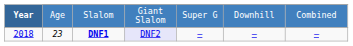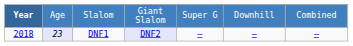 <table class="wikitable" style="font-size:95%; text-align:center; border:grey solid 1px; border-collapse:collapse;" width="40%">
 <tr style="background-color:#369; color:white;">
 <td rowspan="2" colspan="1" width="4%"><strong>Year</strong></td>
 </tr>
 <tr style="background-color:#4180be; color:white;">
 <td width="3%">Age</td>
 <td width="5%">Slalom</td>
 <td width="5%">Giant<br>Slalom</td>
 <td width="5%">Super G</td>
 <td width="5%">Downhill</td>
 <td width="5%">Combined</td>
 </tr>
 <tr style="background-color:#8CB2D8; color:white;">
 </tr>
 <tr>
 <td><a href='#'>2018</a></td>
-<td><em>23</em></td>
-<td><strong><a href='#'>DNF1</a></strong></td>
+<td style="background: lavender;"><em>23</em></td>
+<td><a href='#'>DNF1</a></td>
 <td style="background: lavender;"><a href='#'>DNF2</a></td>
 <td><a href='#'>—</a></td>
 <td><a href='#'>—</a></td>
 <td><a href='#'>—</a></td>
 </tr>
 </table>
